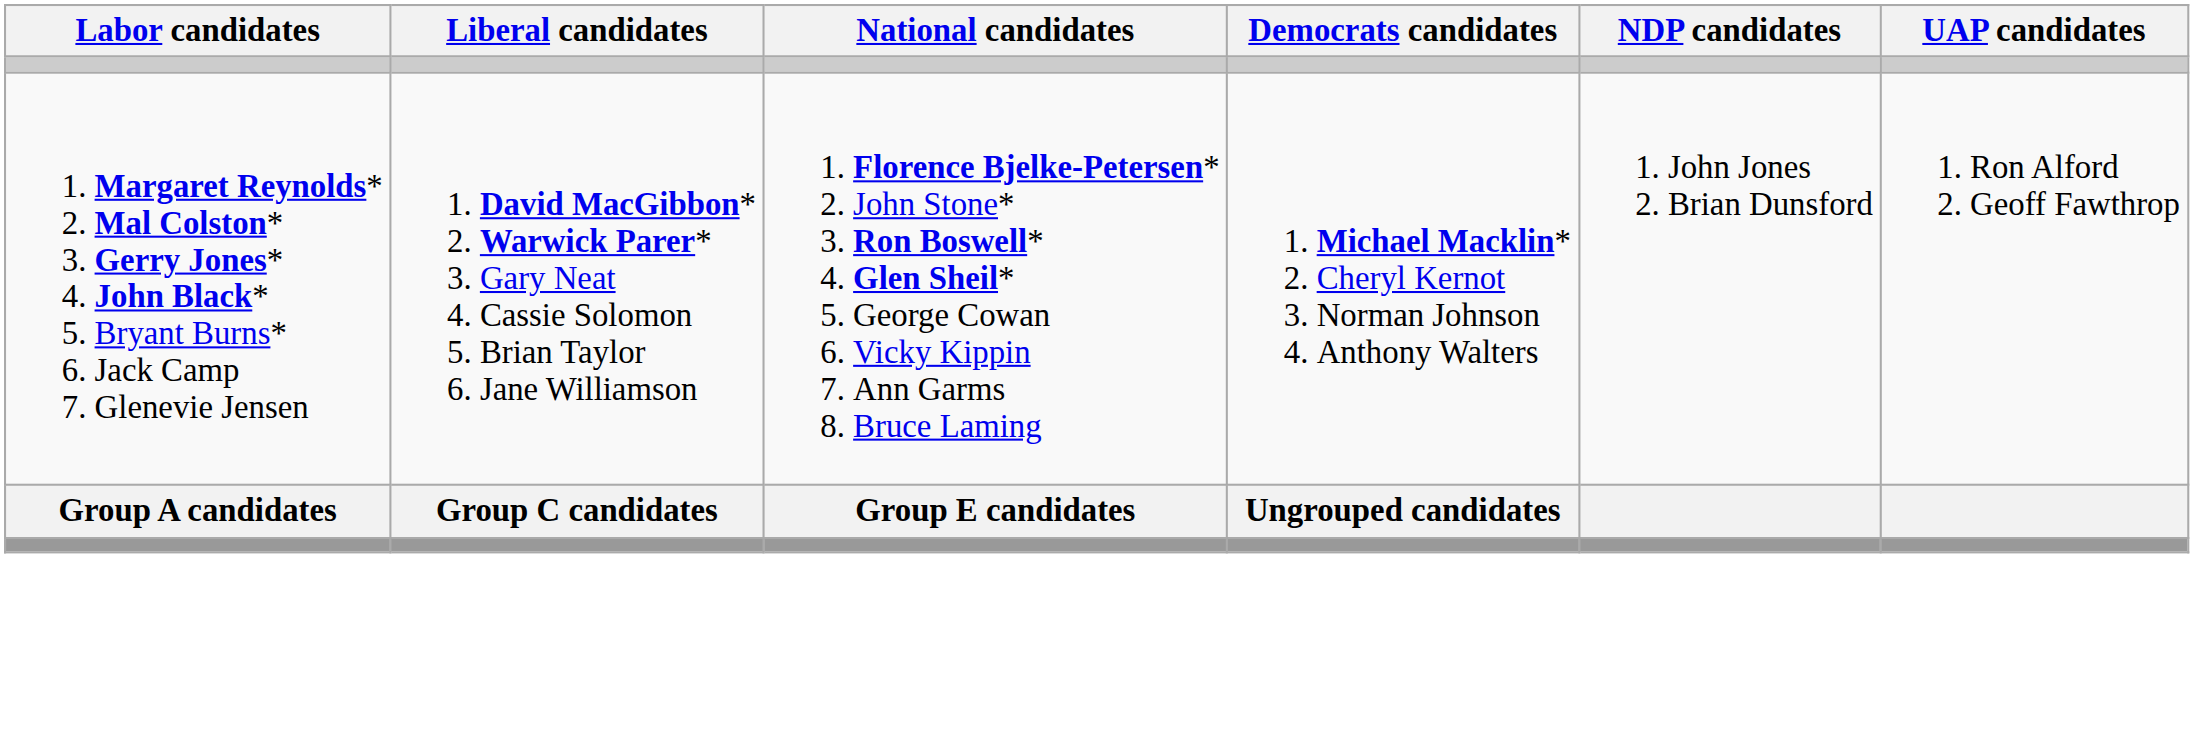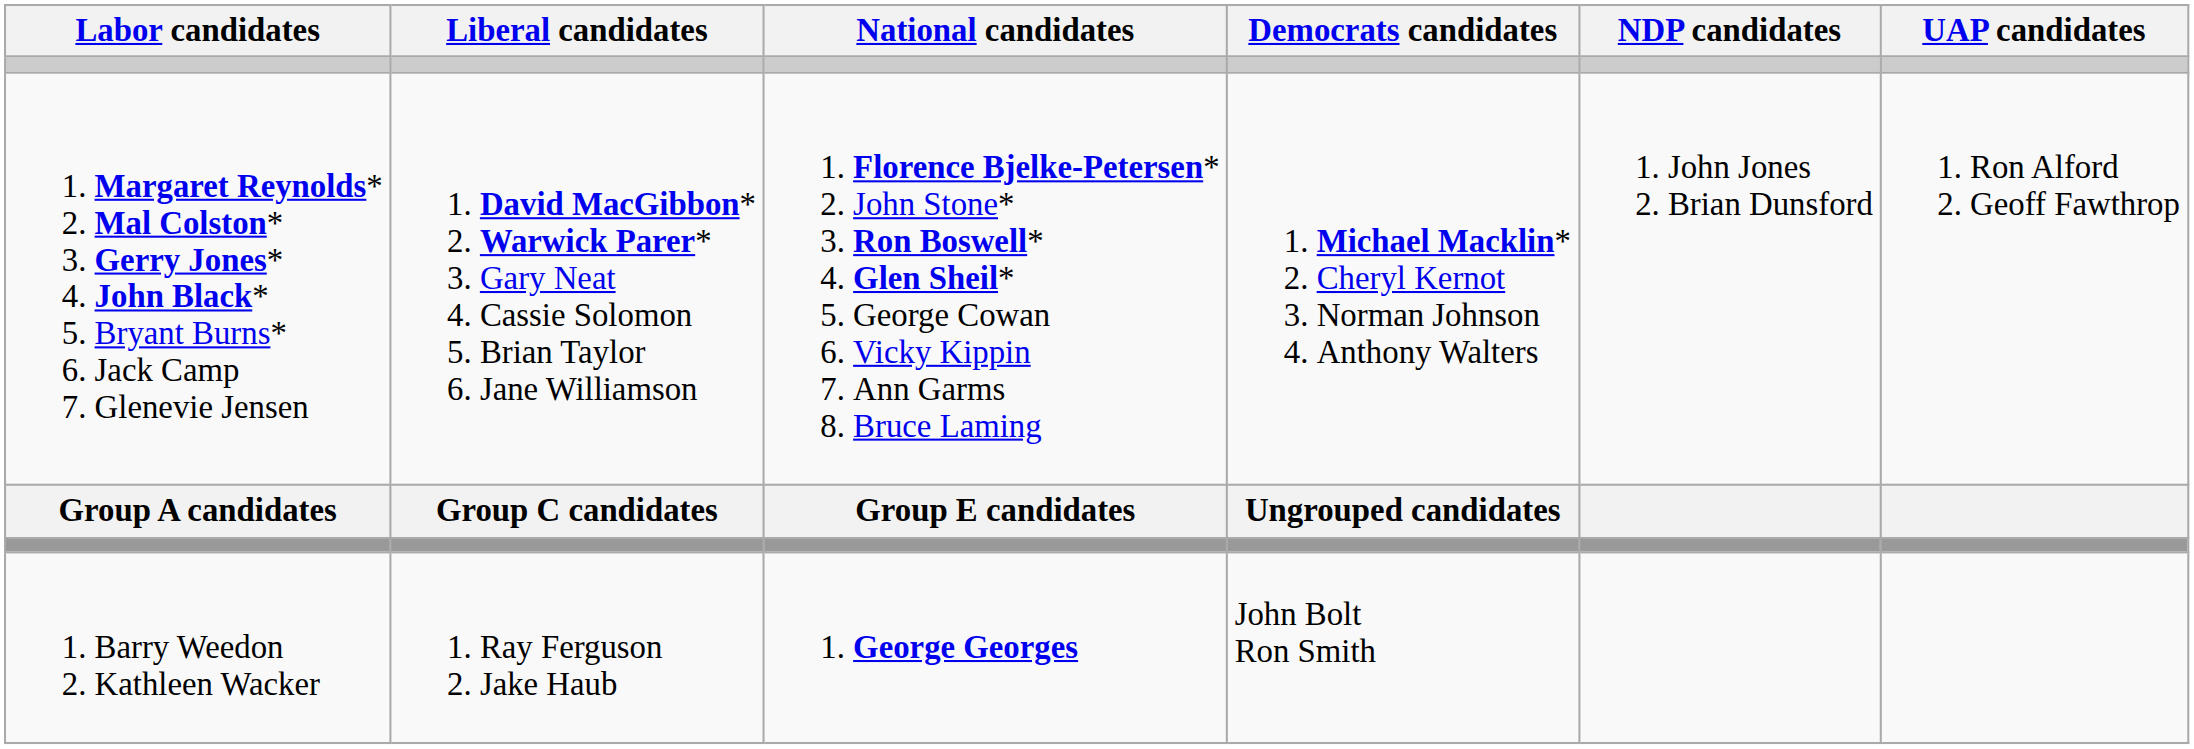 <table class="wikitable">
 <tr>
 <th><a href='#'>Labor</a> candidates</th>
 <th><a href='#'>Liberal</a> candidates</th>
 <th><a href='#'>National</a> candidates</th>
 <th><a href='#'>Democrats</a> candidates</th>
 <th><a href='#'>NDP</a> candidates</th>
 <th><a href='#'>UAP</a> candidates</th>
 </tr>
 <tr bgcolor="#cccccc">
 <td></td>
 <td></td>
 <td></td>
 <td></td>
 <td></td>
 <td></td>
 </tr>
 <tr>
 <td><br><ol><li><strong><a href='#'>Margaret Reynolds</a></strong>*</li><li><strong><a href='#'>Mal Colston</a></strong>*</li><li><strong><a href='#'>Gerry Jones</a></strong>*</li><li><strong><a href='#'>John Black</a></strong>*</li><li><a href='#'>Bryant Burns</a>*</li><li>Jack Camp</li><li>Glenevie Jensen</li></ol></td>
 <td><br><ol><li><strong><a href='#'>David MacGibbon</a></strong>*</li><li><strong><a href='#'>Warwick Parer</a></strong>*</li><li><a href='#'>Gary Neat</a></li><li>Cassie Solomon</li><li>Brian Taylor</li><li>Jane Williamson</li></ol></td>
 <td><br><ol><li><strong><a href='#'>Florence Bjelke-Petersen</a></strong>*</li><li><a href='#'>John Stone</a>*</li><li><strong><a href='#'>Ron Boswell</a></strong>*</li><li><strong><a href='#'>Glen Sheil</a></strong>*</li><li>George Cowan</li><li><a href='#'>Vicky Kippin</a></li><li>Ann Garms</li><li><a href='#'>Bruce Laming</a></li></ol></td>
 <td><br><ol><li><strong><a href='#'>Michael Macklin</a></strong>*</li><li><a href='#'>Cheryl Kernot</a></li><li>Norman Johnson</li><li>Anthony Walters</li></ol></td>
 <td valign=top><br><ol><li>John Jones</li><li>Brian Dunsford</li></ol></td>
 <td valign=top><br><ol><li>Ron Alford</li><li>Geoff Fawthrop</li></ol></td>
 </tr>
 <tr bgcolor="#cccccc">
 <th>Group A candidates</th>
 <th>Group C candidates</th>
 <th>Group E candidates</th>
 <th>Ungrouped candidates</th>
 <th></th>
 <th></th>
 </tr>
 <tr bgcolor="#cccccc">
 <td bgcolor="#999999"></td>
 <td bgcolor="#999999"></td>
 <td bgcolor="#999999"></td>
 <td bgcolor="#999999"></td>
 <td bgcolor="#999999"></td>
 <td bgcolor="#999999"></td>
 </tr>
+<tr>
+<td valign=top><br><ol><li>Barry Weedon</li><li>Kathleen Wacker</li></ol></td>
+<td valign=top><br><ol><li>Ray Ferguson</li><li>Jake Haub</li></ol></td>
+<td valign=top><br><ol><li><strong><a href='#'>George Georges</a></strong></li></ol></td>
+<td valign=top><br>John Bolt<br> Ron Smith</td>
+<td valign=top></td>
+<td valign=top></td>
+</tr>
 </table>
